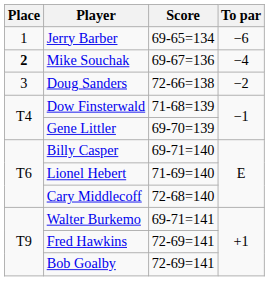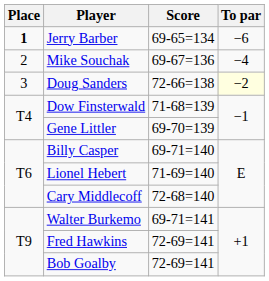 <table class=wikitable>
 <tr>
 <th>Place</th>
 <th>Player</th>
 <th>Score</th>
 <th>To par</th>
 </tr>
 <tr>
-<td align=center>1</td>
+<td align=center><strong>1</strong></td>
 <td> <a href='#'>Jerry Barber</a></td>
 <td>69-65=134</td>
 <td align=center>−6</td>
 </tr>
 <tr>
-<td align=center><strong>2</strong></td>
+<td align=center>2</td>
 <td> <a href='#'>Mike Souchak</a></td>
 <td>69-67=136</td>
 <td align=center>−4</td>
 </tr>
 <tr>
 <td align=center>3</td>
 <td> <a href='#'>Doug Sanders</a></td>
 <td>72-66=138</td>
-<td align=center>−2</td>
+<td align=center style="background: lightyellow;">−2</td>
 </tr>
 <tr>
 <td rowspan=2 align=center>T4</td>
 <td> <a href='#'>Dow Finsterwald</a></td>
 <td>71-68=139</td>
 <td rowspan=2 align=center>−1</td>
 </tr>
 <tr>
 <td> <a href='#'>Gene Littler</a></td>
 <td>69-70=139</td>
 </tr>
 <tr>
 <td rowspan=3 align=center>T6</td>
 <td> <a href='#'>Billy Casper</a></td>
 <td>69-71=140</td>
 <td rowspan=3 align=center>E</td>
 </tr>
 <tr>
 <td> <a href='#'>Lionel Hebert</a></td>
 <td>71-69=140</td>
 </tr>
 <tr>
 <td> <a href='#'>Cary Middlecoff</a></td>
 <td>72-68=140</td>
 </tr>
 <tr>
 <td rowspan=3 align=center>T9</td>
 <td> <a href='#'>Walter Burkemo</a></td>
 <td>69-71=141</td>
 <td rowspan=3 align=center>+1</td>
 </tr>
 <tr>
 <td> <a href='#'>Fred Hawkins</a></td>
 <td>72-69=141</td>
 </tr>
 <tr>
 <td> <a href='#'>Bob Goalby</a></td>
 <td>72-69=141</td>
 </tr>
 </table>
